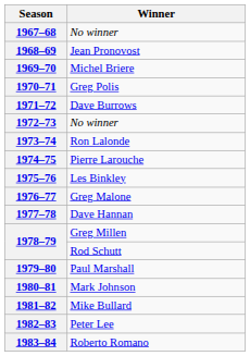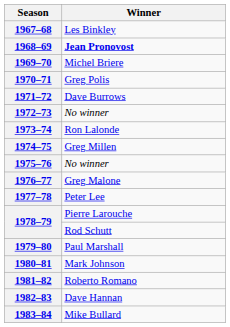 <table class="wikitable">
 <tr>
 <th scope="col" style="width:5em">Season</th>
 <th scope="col" style="width:15em">Winner</th>
 </tr>
 <tr>
 <th scope="row"><a href='#'>1967–68</a></th>
-<td><em>No winner</em></td>
+<td><a href='#'>Les Binkley</a></td>
 </tr>
 <tr>
 <th scope="row"><a href='#'>1968–69</a></th>
-<td><a href='#'>Jean Pronovost</a></td>
+<td><strong><a href='#'>Jean Pronovost</a></strong></td>
 </tr>
 <tr>
 <th scope="row"><a href='#'>1969–70</a></th>
 <td><a href='#'>Michel Briere</a></td>
 </tr>
 <tr>
 <th scope="row"><a href='#'>1970–71</a></th>
 <td><a href='#'>Greg Polis</a></td>
 </tr>
 <tr>
 <th scope="row"><a href='#'>1971–72</a></th>
 <td><a href='#'>Dave Burrows</a></td>
 </tr>
 <tr>
 <th scope="row"><a href='#'>1972–73</a></th>
 <td><em>No winner</em></td>
 </tr>
 <tr>
 <th scope="row"><a href='#'>1973–74</a></th>
 <td><a href='#'>Ron Lalonde</a></td>
 </tr>
 <tr>
 <th scope="row"><a href='#'>1974–75</a></th>
-<td><a href='#'>Pierre Larouche</a></td>
+<td><a href='#'>Greg Millen</a></td>
 </tr>
 <tr>
 <th scope="row"><a href='#'>1975–76</a></th>
-<td><a href='#'>Les Binkley</a></td>
+<td><em>No winner</em></td>
 </tr>
 <tr>
 <th scope="row"><a href='#'>1976–77</a></th>
 <td><a href='#'>Greg Malone</a></td>
 </tr>
 <tr>
 <th scope="row"><a href='#'>1977–78</a></th>
-<td><a href='#'>Dave Hannan</a></td>
+<td><a href='#'>Peter Lee</a></td>
 </tr>
 <tr>
 <th scope="row" rowspan="2"><a href='#'>1978–79</a></th>
-<td><a href='#'>Greg Millen</a></td>
+<td><a href='#'>Pierre Larouche</a></td>
 </tr>
 <tr>
 <td><a href='#'>Rod Schutt</a></td>
 </tr>
 <tr>
 <th scope="row"><a href='#'>1979–80</a></th>
 <td><a href='#'>Paul Marshall</a></td>
 </tr>
 <tr>
 <th scope="row"><a href='#'>1980–81</a></th>
 <td><a href='#'>Mark Johnson</a></td>
 </tr>
 <tr>
 <th scope="row"><a href='#'>1981–82</a></th>
-<td><a href='#'>Mike Bullard</a></td>
+<td><a href='#'>Roberto Romano</a></td>
 </tr>
 <tr>
 <th scope="row"><a href='#'>1982–83</a></th>
-<td><a href='#'>Peter Lee</a></td>
+<td><a href='#'>Dave Hannan</a></td>
 </tr>
 <tr>
 <th scope="row"><a href='#'>1983–84</a></th>
-<td><a href='#'>Roberto Romano</a></td>
+<td><a href='#'>Mike Bullard</a></td>
 </tr>
 </table>
